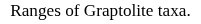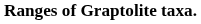 <table class="toccolours" style="clear:both; margin:1em auto;" width=80%>
 <tr>
 <td colspan=2 style="text-align:center;"></td>
 </tr>
 <tr>
-<td style="text-align:center;"><small>Ranges of Graptolite taxa.</small></td>
+<td style="text-align:center;"><strong><small>Ranges of Graptolite taxa.</small></strong></td>
 </tr>
 </table>
